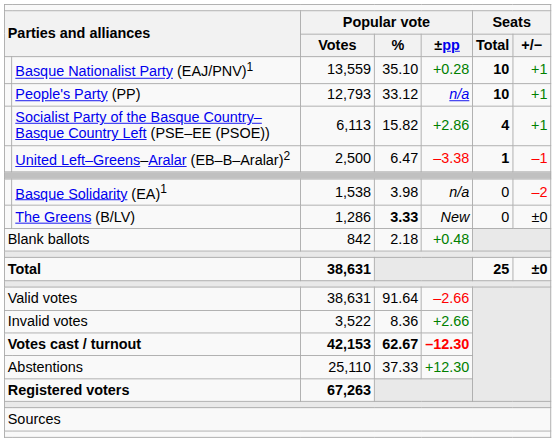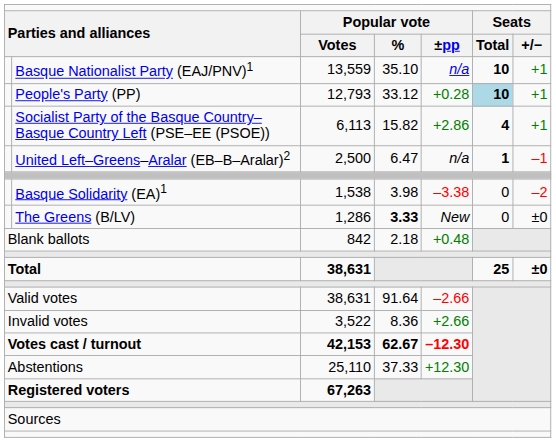 <table class="wikitable" style="text-align:right;">
 <tr>
 <td colspan="7"></td>
 </tr>
 <tr>
 <th style="text-align:left;" rowspan="2" colspan="2" width="525">Parties and alliances</th>
 <th colspan="3">Popular vote</th>
 <th colspan="2">Seats</th>
 </tr>
 <tr>
 <th width="75">Votes</th>
 <th width="45">%</th>
 <th width="45">±<a href='#'>pp</a></th>
 <th width="35">Total</th>
 <th width="35">+/−</th>
 </tr>
 <tr>
 <td width="1" style="color:inherit;background:"></td>
 <td align="left"><a href='#'>Basque Nationalist Party</a> (EAJ/PNV)<sup>1</sup></td>
 <td>13,559</td>
 <td>35.10</td>
-<td style="color:green;">+0.28</td>
+<td><em><a href='#'>n/a</a></em></td>
 <td><strong>10</strong></td>
 <td style="color:green;">+1</td>
 </tr>
 <tr>
 <td style="color:inherit;background:"></td>
 <td align="left"><a href='#'>People's Party</a> (PP)</td>
 <td>12,793</td>
 <td>33.12</td>
-<td><em><a href='#'>n/a</a></em></td>
-<td><strong>10</strong></td>
+<td style="color:green;">+0.28</td>
+<td style="background: lightblue;"><strong>10</strong></td>
 <td style="color:green;">+1</td>
 </tr>
 <tr>
 <td style="color:inherit;background:"></td>
 <td align="left"><a href='#'>Socialist Party of the Basque Country–Basque Country Left</a> (PSE–EE (PSOE))</td>
 <td>6,113</td>
 <td>15.82</td>
 <td style="color:green;">+2.86</td>
 <td><strong>4</strong></td>
 <td style="color:green;">+1</td>
 </tr>
 <tr>
 <td style="color:inherit;background:"></td>
 <td align="left"><a href='#'>United Left–Greens</a>–<a href='#'>Aralar</a> (EB–B–Aralar)<sup>2</sup></td>
 <td>2,500</td>
 <td>6.47</td>
-<td style="color:red;">–3.38</td>
+<td><em>n/a</em></td>
 <td><strong>1</strong></td>
 <td style="color:red;">–1</td>
 </tr>
 <tr>
 <td colspan="7" bgcolor="#C0C0C0"></td>
 </tr>
 <tr>
 <td style="color:inherit;background:"></td>
 <td align="left"><a href='#'>Basque Solidarity</a> (EA)<sup>1</sup></td>
 <td>1,538</td>
 <td>3.98</td>
-<td><em>n/a</em></td>
+<td style="color:red;">–3.38</td>
 <td>0</td>
 <td style="color:red;">–2</td>
 </tr>
 <tr>
 <td style="color:inherit;background:"></td>
 <td align="left"><a href='#'>The Greens</a> (B/LV)</td>
 <td>1,286</td>
 <td><strong>3.33</strong></td>
 <td><em>New</em></td>
 <td>0</td>
 <td>±0</td>
 </tr>
 <tr>
 <td align="left" colspan="2">Blank ballots</td>
 <td>842</td>
 <td>2.18</td>
 <td style="color:green;">+0.48</td>
 <td bgcolor="#E9E9E9" colspan="2"></td>
 </tr>
 <tr>
 <td colspan="7" bgcolor="#E9E9E9"></td>
 </tr>
 <tr style="font-weight:bold;">
 <td align="left" colspan="2">Total</td>
 <td>38,631</td>
 <td bgcolor="#E9E9E9" colspan="2"></td>
 <td>25</td>
 <td>±0</td>
 </tr>
 <tr>
 <td colspan="7" bgcolor="#E9E9E9"></td>
 </tr>
 <tr>
 <td align="left" colspan="2">Valid votes</td>
 <td>38,631</td>
 <td>91.64</td>
 <td style="color:red;">–2.66</td>
 <td bgcolor="#E9E9E9" colspan="2" rowspan="5"></td>
 </tr>
 <tr>
 <td align="left" colspan="2">Invalid votes</td>
 <td>3,522</td>
 <td>8.36</td>
 <td style="color:green;">+2.66</td>
 </tr>
 <tr style="font-weight:bold;">
 <td align="left" colspan="2">Votes cast / turnout</td>
 <td>42,153</td>
 <td>62.67</td>
 <td style="color:red;">–12.30</td>
 </tr>
 <tr>
 <td align="left" colspan="2">Abstentions</td>
 <td>25,110</td>
 <td>37.33</td>
 <td style="color:green;">+12.30</td>
 </tr>
 <tr style="font-weight:bold;">
 <td align="left" colspan="2">Registered voters</td>
 <td>67,263</td>
 <td bgcolor="#E9E9E9" colspan="2"></td>
 </tr>
 <tr>
 <td colspan="7" bgcolor="#E9E9E9"></td>
 </tr>
 <tr>
 <td align="left" colspan="7">Sources</td>
 </tr>
 <tr>
 <td colspan="7" style="text-align:left; max-width:790px;"></td>
 </tr>
 </table>
